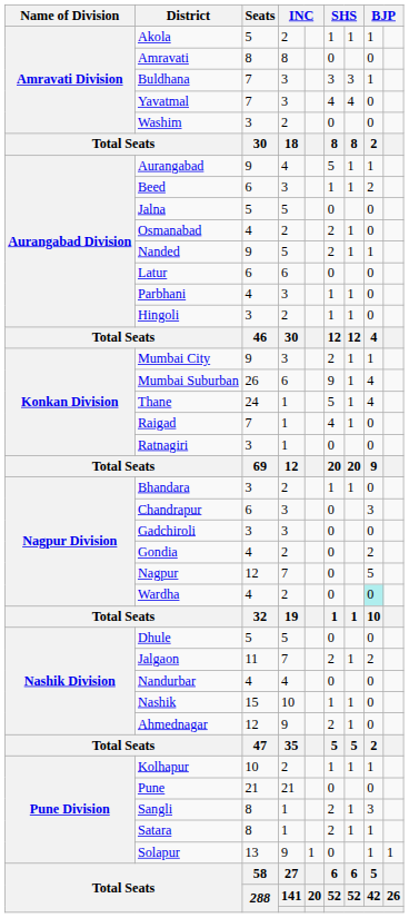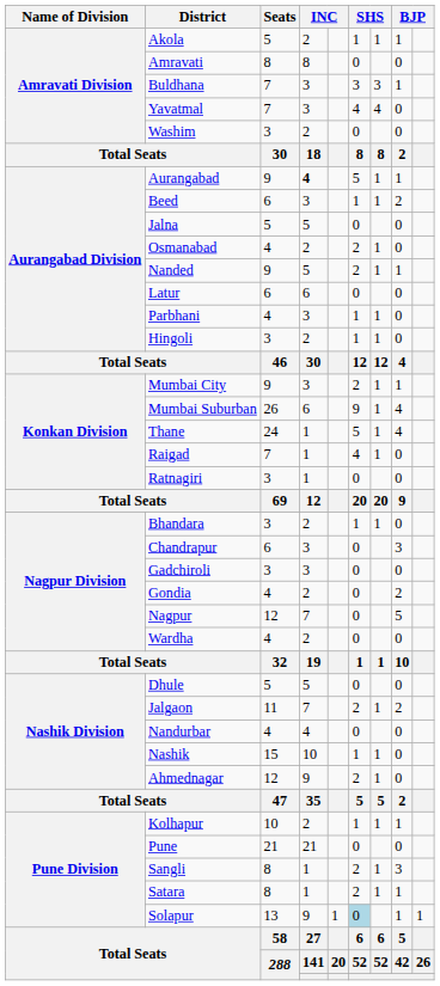 <table class="wikitable sortable">
 <tr>
 <th>Name of Division</th>
 <th>District</th>
 <th>Seats</th>
 <th colspan="2"><a href='#'>INC</a></th>
 <th colspan="2"><a href='#'>SHS</a></th>
 <th colspan="2"><a href='#'>BJP</a></th>
 </tr>
 <tr>
 <th rowspan="5"><a href='#'>Amravati Division</a></th>
 <td><a href='#'>Akola</a></td>
 <td>5</td>
 <td>2</td>
 <td></td>
 <td>1</td>
 <td> 1</td>
 <td>1</td>
 <td></td>
 </tr>
 <tr>
 <td><a href='#'>Amravati</a></td>
 <td>8</td>
 <td>8</td>
 <td></td>
 <td>0</td>
 <td></td>
 <td>0</td>
 <td></td>
 </tr>
 <tr>
 <td><a href='#'>Buldhana</a></td>
 <td>7</td>
 <td>3</td>
 <td></td>
 <td>3</td>
 <td> 3</td>
 <td>1</td>
 <td></td>
 </tr>
 <tr>
 <td><a href='#'>Yavatmal</a></td>
 <td>7</td>
 <td>3</td>
 <td></td>
 <td>4</td>
 <td> 4</td>
 <td>0</td>
 <td></td>
 </tr>
 <tr>
 <td><a href='#'>Washim</a></td>
 <td>3</td>
 <td>2</td>
 <td></td>
 <td>0</td>
 <td></td>
 <td>0</td>
 <td></td>
 </tr>
 <tr>
 <th colspan="2">Total Seats</th>
 <th>30</th>
 <th>18</th>
 <th></th>
 <th>8</th>
 <th> 8</th>
 <th>2</th>
 <th></th>
 </tr>
 <tr>
 <th rowspan="8"><a href='#'>Aurangabad Division</a></th>
 <td><a href='#'>Aurangabad</a></td>
 <td>9</td>
-<td>4</td>
+<td><strong>4</strong></td>
 <td></td>
 <td>5</td>
 <td> 1</td>
 <td>1</td>
 <td></td>
 </tr>
 <tr>
 <td><a href='#'>Beed</a></td>
 <td>6</td>
 <td>3</td>
 <td></td>
 <td>1</td>
 <td> 1</td>
 <td>2</td>
 <td></td>
 </tr>
 <tr>
 <td><a href='#'>Jalna</a></td>
 <td>5</td>
 <td>5</td>
 <td></td>
 <td>0</td>
 <td></td>
 <td>0</td>
 <td></td>
 </tr>
 <tr>
 <td><a href='#'>Osmanabad</a></td>
 <td>4</td>
 <td>2</td>
 <td></td>
 <td>2</td>
 <td> 1</td>
 <td>0</td>
 <td></td>
 </tr>
 <tr>
 <td><a href='#'>Nanded</a></td>
 <td>9</td>
 <td>5</td>
 <td></td>
 <td>2</td>
 <td> 1</td>
 <td>1</td>
 <td></td>
 </tr>
 <tr>
 <td><a href='#'>Latur</a></td>
 <td>6</td>
 <td>6</td>
 <td></td>
 <td>0</td>
 <td></td>
 <td>0</td>
 <td></td>
 </tr>
 <tr>
 <td><a href='#'>Parbhani</a></td>
 <td>4</td>
 <td>3</td>
 <td></td>
 <td>1</td>
 <td> 1</td>
 <td>0</td>
 <td></td>
 </tr>
 <tr>
 <td><a href='#'>Hingoli</a></td>
 <td>3</td>
 <td>2</td>
 <td></td>
 <td>1</td>
 <td> 1</td>
 <td>0</td>
 <td></td>
 </tr>
 <tr>
 <th colspan="2">Total Seats</th>
 <th>46</th>
 <th>30</th>
 <th></th>
 <th>12</th>
 <th> 12</th>
 <th>4</th>
 <th></th>
 </tr>
 <tr>
 <th rowspan="5"><a href='#'>Konkan Division</a></th>
 <td><a href='#'>Mumbai City</a></td>
 <td>9</td>
 <td>3</td>
 <td></td>
 <td>2</td>
 <td> 1</td>
 <td>1</td>
 <td></td>
 </tr>
 <tr>
 <td><a href='#'>Mumbai Suburban</a></td>
 <td>26</td>
 <td>6</td>
 <td></td>
 <td>9</td>
 <td> 1</td>
 <td>4</td>
 <td></td>
 </tr>
 <tr>
 <td><a href='#'>Thane</a></td>
 <td>24</td>
 <td>1</td>
 <td></td>
 <td>5</td>
 <td> 1</td>
 <td>4</td>
 <td></td>
 </tr>
 <tr>
 <td><a href='#'>Raigad</a></td>
 <td>7</td>
 <td>1</td>
 <td></td>
 <td>4</td>
 <td> 1</td>
 <td>0</td>
 <td></td>
 </tr>
 <tr>
 <td><a href='#'>Ratnagiri</a></td>
 <td>3</td>
 <td>1</td>
 <td></td>
 <td>0</td>
 <td></td>
 <td>0</td>
 <td></td>
 </tr>
 <tr>
 <th colspan="2">Total Seats</th>
 <th>69</th>
 <th>12</th>
 <th></th>
 <th>20</th>
 <th> 20</th>
 <th>9</th>
 <th></th>
 </tr>
 <tr>
 <th rowspan="6"><a href='#'>Nagpur Division</a></th>
 <td><a href='#'>Bhandara</a></td>
 <td>3</td>
 <td>2</td>
 <td></td>
 <td>1</td>
 <td> 1</td>
 <td>0</td>
 <td></td>
 </tr>
 <tr>
 <td><a href='#'>Chandrapur</a></td>
 <td>6</td>
 <td>3</td>
 <td></td>
 <td>0</td>
 <td></td>
 <td>3</td>
 <td></td>
 </tr>
 <tr>
 <td><a href='#'>Gadchiroli</a></td>
 <td>3</td>
 <td>3</td>
 <td></td>
 <td>0</td>
 <td></td>
 <td>0</td>
 <td></td>
 </tr>
 <tr>
 <td><a href='#'>Gondia</a></td>
 <td>4</td>
 <td>2</td>
 <td></td>
 <td>0</td>
 <td></td>
 <td>2</td>
 <td></td>
 </tr>
 <tr>
 <td><a href='#'>Nagpur</a></td>
 <td>12</td>
 <td>7</td>
 <td></td>
 <td>0</td>
 <td></td>
 <td>5</td>
 <td></td>
 </tr>
 <tr>
 <td><a href='#'>Wardha</a></td>
 <td>4</td>
 <td>2</td>
 <td></td>
 <td>0</td>
 <td></td>
-<td style="background: paleturquoise;">0</td>
+<td>0</td>
 <td></td>
 </tr>
 <tr>
 <th colspan="2">Total Seats</th>
 <th>32</th>
 <th>19</th>
 <th></th>
 <th>1</th>
 <th> 1</th>
 <th>10</th>
 <th></th>
 </tr>
 <tr>
 <th rowspan="5"><a href='#'>Nashik Division</a></th>
 <td><a href='#'>Dhule</a></td>
 <td>5</td>
 <td>5</td>
 <td></td>
 <td>0</td>
 <td></td>
 <td>0</td>
 <td></td>
 </tr>
 <tr>
 <td><a href='#'>Jalgaon</a></td>
 <td>11</td>
 <td>7</td>
 <td></td>
 <td>2</td>
 <td> 1</td>
 <td>2</td>
 <td></td>
 </tr>
 <tr>
 <td><a href='#'>Nandurbar</a></td>
 <td>4</td>
 <td>4</td>
 <td></td>
 <td>0</td>
 <td></td>
 <td>0</td>
 <td></td>
 </tr>
 <tr>
 <td><a href='#'>Nashik</a></td>
 <td>15</td>
 <td>10</td>
 <td></td>
 <td>1</td>
 <td> 1</td>
 <td>0</td>
 <td></td>
 </tr>
 <tr>
 <td><a href='#'>Ahmednagar</a></td>
 <td>12</td>
 <td>9</td>
 <td></td>
 <td>2</td>
 <td> 1</td>
 <td>0</td>
 <td></td>
 </tr>
 <tr>
 <th colspan="2">Total Seats</th>
 <th>47</th>
 <th>35</th>
 <th></th>
 <th>5</th>
 <th> 5</th>
 <th>2</th>
 <th></th>
 </tr>
 <tr>
 <th rowspan="5"><a href='#'>Pune Division</a></th>
 <td><a href='#'>Kolhapur</a></td>
 <td>10</td>
 <td>2</td>
 <td></td>
 <td>1</td>
 <td> 1</td>
 <td>1</td>
 <td></td>
 </tr>
 <tr>
 <td><a href='#'>Pune</a></td>
 <td>21</td>
 <td>21</td>
 <td></td>
 <td>0</td>
 <td></td>
 <td>0</td>
 <td></td>
 </tr>
 <tr>
 <td><a href='#'>Sangli</a></td>
 <td>8</td>
 <td>1</td>
 <td></td>
 <td>2</td>
 <td> 1</td>
 <td>3</td>
 <td></td>
 </tr>
 <tr>
 <td><a href='#'>Satara</a></td>
 <td>8</td>
 <td>1</td>
 <td></td>
 <td>2</td>
 <td> 1</td>
 <td>1</td>
 <td></td>
 </tr>
 <tr>
 <td><a href='#'>Solapur</a></td>
 <td>13</td>
 <td>9</td>
 <td> 1</td>
-<td>0</td>
+<td style="background: lightblue;">0</td>
 <td></td>
 <td>1</td>
 <td> 1</td>
 </tr>
 <tr>
 <th colspan="2" rowspan="3">Total Seats</th>
 <th>58</th>
 <th>27</th>
 <th></th>
 <th>6</th>
 <th> 6</th>
 <th>5</th>
 <th></th>
 </tr>
 <tr>
 <th rowspan="2"><em>288</em></th>
 <th>141</th>
 <th> 20</th>
 <th>52</th>
 <th> 52</th>
 <th>42</th>
 <th> 26</th>
 </tr>
 <tr>
 <th></th>
 <th></th>
 <th colspan="4"></th>
 </tr>
 </table>
